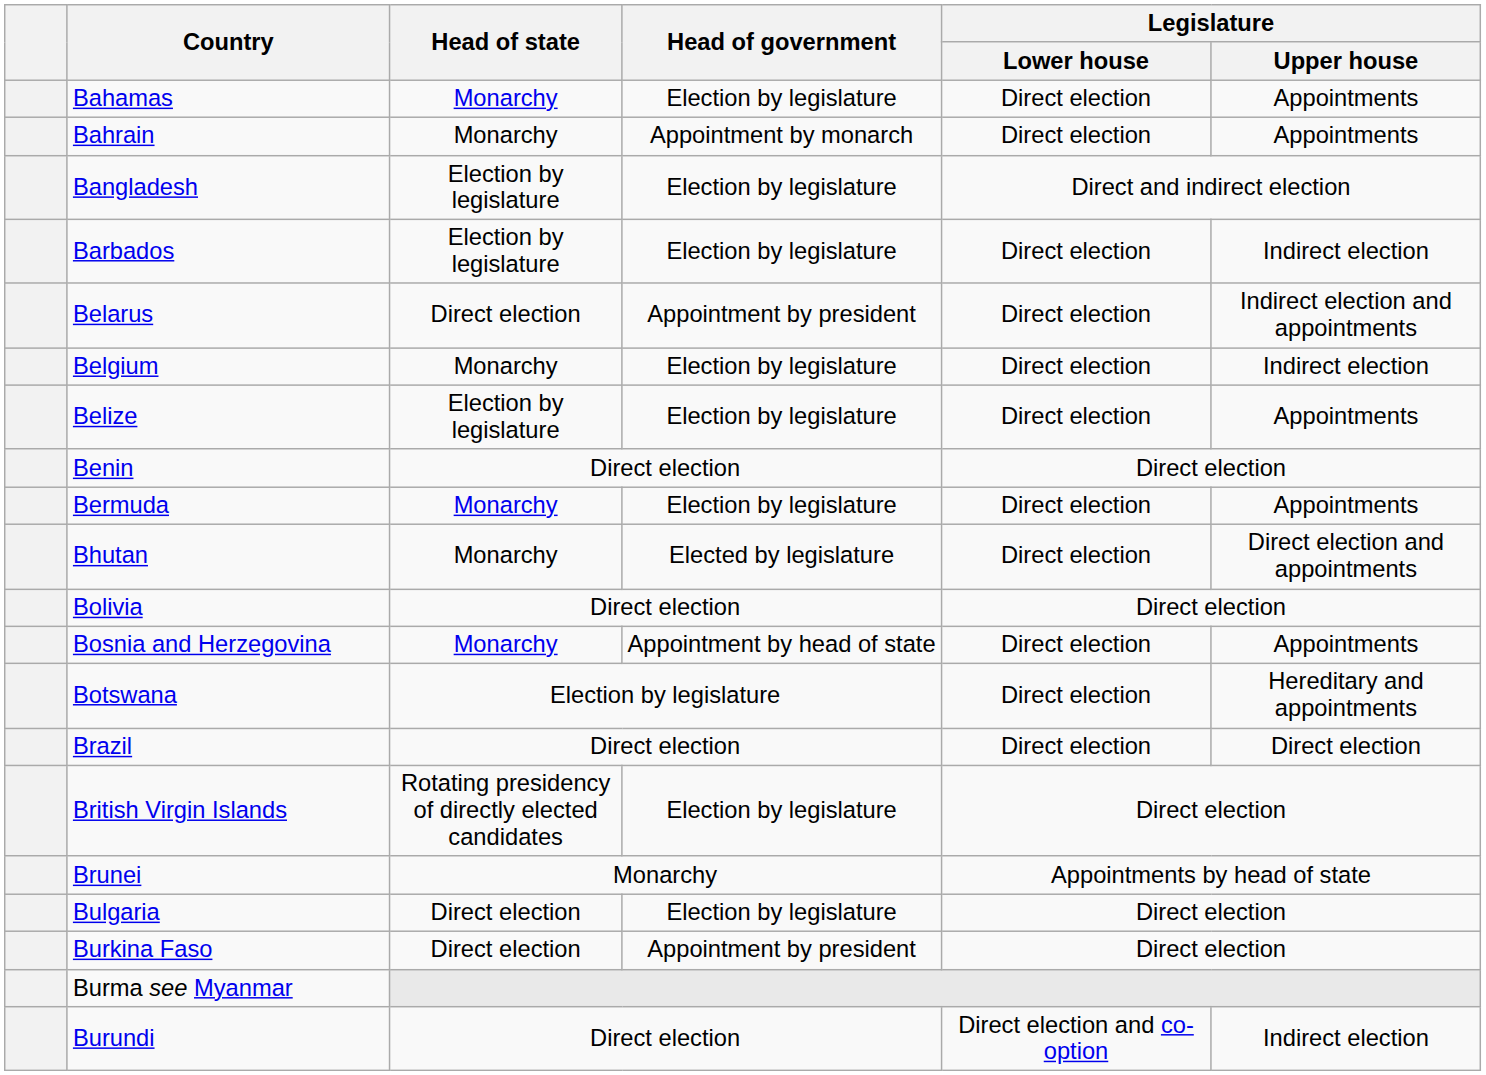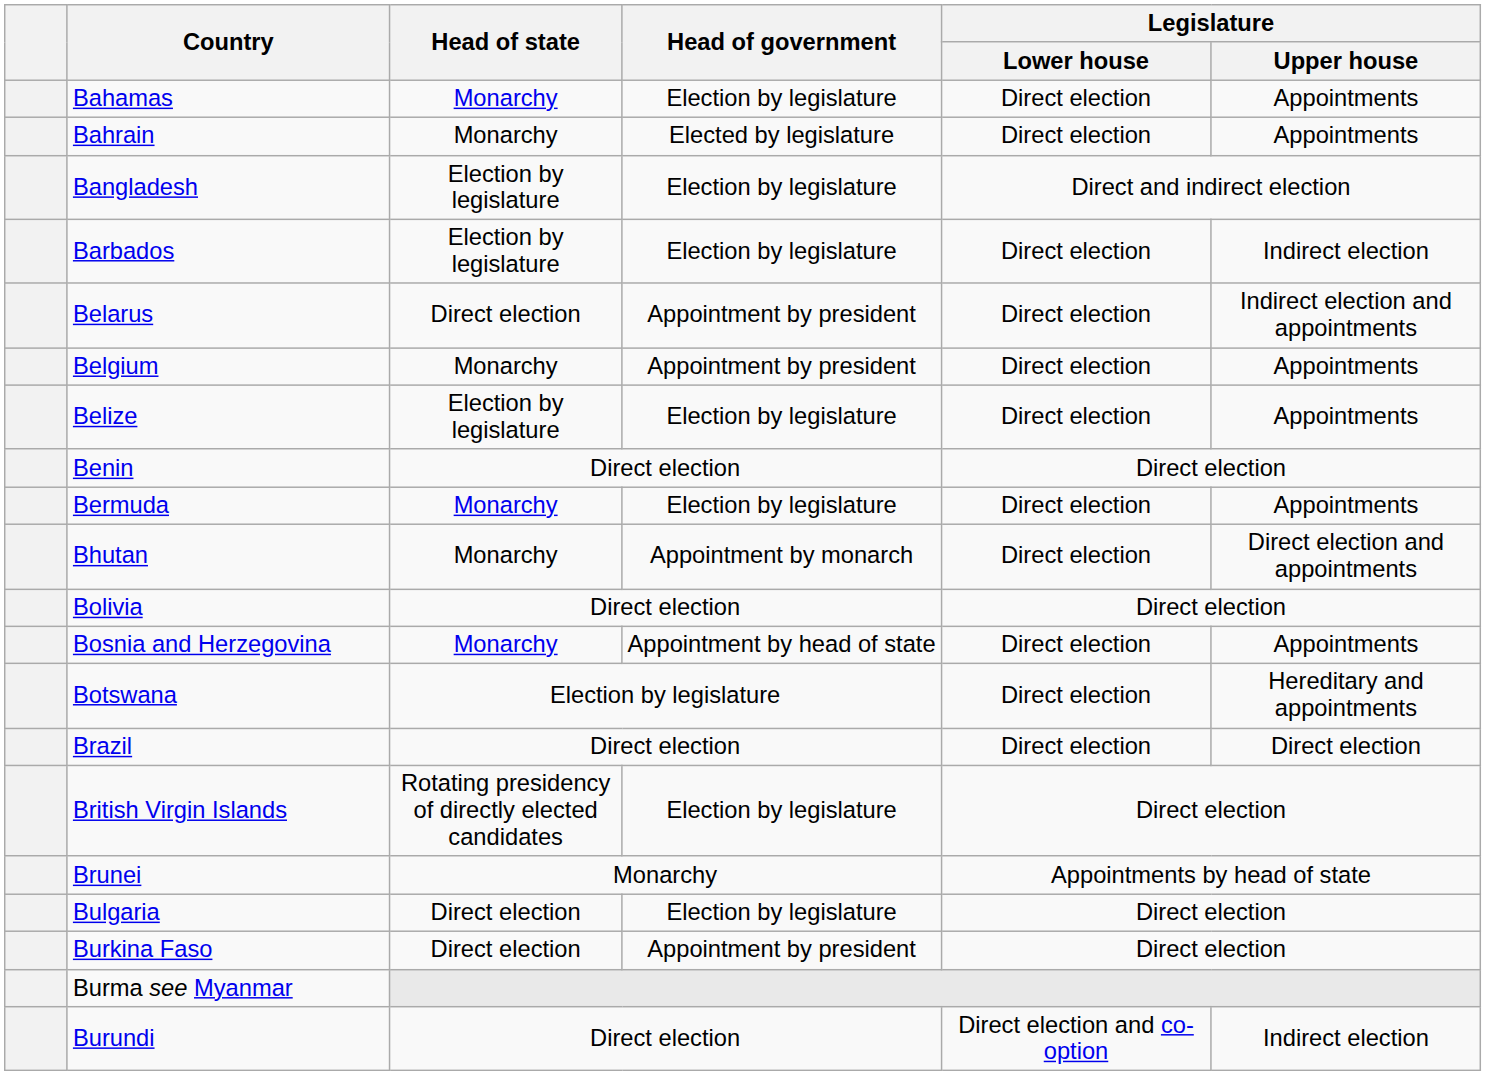 <table class="wikitable" style="text-align:center">
 <tr>
 <th width=35 rowspan=2></th>
 <th width=210 rowspan=2>Country</th>
 <th width=150 rowspan=2>Head of state</th>
 <th rowspan="2">Head of government</th>
 <th colspan=2>Legislature</th>
 </tr>
 <tr>
 <th style="backgrounbad-color:#E9E9E9" width=175>Lower house</th>
 <th width=175>Upper house</th>
 </tr>
 <tr>
 <th></th>
 <td style="text-align:left"><a href='#'>Bahamas</a></td>
 <td><a href='#'>Monarchy</a></td>
 <td>Election by legislature</td>
 <td>Direct election</td>
 <td>Appointments</td>
 </tr>
 <tr>
 <th></th>
 <td style="text-align:left"><a href='#'>Bahrain</a></td>
 <td>Monarchy</td>
-<td>Appointment by monarch</td>
+<td>Elected by legislature</td>
 <td>Direct election</td>
 <td>Appointments</td>
 </tr>
 <tr>
 <th></th>
 <td style="text-align:left"><a href='#'>Bangladesh</a></td>
 <td>Election by legislature</td>
 <td>Election by legislature</td>
 <td colspan=2>Direct and indirect election</td>
 </tr>
 <tr>
 <th></th>
 <td style="text-align:left"><a href='#'>Barbados</a></td>
 <td>Election by legislature</td>
 <td>Election by legislature</td>
 <td>Direct election</td>
 <td>Indirect election</td>
 </tr>
 <tr>
 <th></th>
 <td style="text-align:left"><a href='#'>Belarus</a></td>
 <td>Direct election</td>
 <td>Appointment by president</td>
 <td>Direct election</td>
 <td>Indirect election and appointments</td>
 </tr>
 <tr>
 <th></th>
 <td style="text-align:left"><a href='#'>Belgium</a></td>
 <td>Monarchy</td>
-<td>Election by legislature</td>
+<td>Appointment by president</td>
 <td>Direct election</td>
-<td>Indirect election</td>
+<td>Appointments</td>
 </tr>
 <tr>
 <th></th>
 <td style="text-align:left"><a href='#'>Belize</a></td>
 <td>Election by legislature</td>
 <td>Election by legislature</td>
 <td>Direct election</td>
 <td>Appointments</td>
 </tr>
 <tr>
 <th></th>
 <td style="text-align:left"><a href='#'>Benin</a></td>
 <td colspan=2>Direct election</td>
 <td colspan=2>Direct election</td>
 </tr>
 <tr>
 <th></th>
 <td style="text-align:left"><a href='#'>Bermuda</a></td>
 <td><a href='#'>Monarchy</a></td>
 <td>Election by legislature</td>
 <td>Direct election</td>
 <td>Appointments</td>
 </tr>
 <tr>
 <th></th>
 <td style="text-align:left"><a href='#'>Bhutan</a></td>
 <td>Monarchy</td>
-<td>Elected by legislature</td>
+<td>Appointment by monarch</td>
 <td>Direct election</td>
 <td>Direct election and appointments</td>
 </tr>
 <tr>
 <th></th>
 <td style="text-align:left"><a href='#'>Bolivia</a></td>
 <td colspan=2>Direct election</td>
 <td colspan=2>Direct election</td>
 </tr>
 <tr>
 <th></th>
 <td style="text-align:left"><a href='#'>Bosnia and Herzegovina</a></td>
 <td><a href='#'>Monarchy</a></td>
 <td>Appointment by head of state</td>
 <td>Direct election</td>
 <td>Appointments</td>
 </tr>
 <tr>
 <th></th>
 <td style="text-align:left"><a href='#'>Botswana</a></td>
 <td colspan=2>Election by legislature</td>
 <td>Direct election</td>
 <td>Hereditary and appointments</td>
 </tr>
 <tr>
 <th></th>
 <td style="text-align:left"><a href='#'>Brazil</a></td>
 <td colspan=2>Direct election</td>
 <td>Direct election</td>
 <td>Direct election</td>
 </tr>
 <tr>
 <th></th>
 <td style="text-align:left"><a href='#'>British Virgin Islands</a></td>
 <td>Rotating presidency of directly elected candidates</td>
 <td>Election by legislature</td>
 <td colspan=2>Direct election</td>
 </tr>
 <tr>
 <th></th>
 <td style="text-align:left"><a href='#'>Brunei</a></td>
 <td colspan=2>Monarchy</td>
 <td colspan=2>Appointments by head of state</td>
 </tr>
 <tr>
 <th></th>
 <td style="text-align:left"><a href='#'>Bulgaria</a></td>
 <td>Direct election</td>
 <td>Election by legislature</td>
 <td colspan=2>Direct election</td>
 </tr>
 <tr>
 <th></th>
 <td style="text-align:left"><a href='#'>Burkina Faso</a></td>
 <td>Direct election</td>
 <td>Appointment by president</td>
 <td colspan=2>Direct election</td>
 </tr>
 <tr>
 <th></th>
 <td style="text-align:left">Burma <em>see</em> <a href='#'>Myanmar</a></td>
 <td style="background-color: #E9E9E9" colspan="4"></td>
 </tr>
 <tr>
 <th></th>
 <td style="text-align:left"><a href='#'>Burundi</a></td>
 <td colspan=2>Direct election</td>
 <td>Direct election and <a href='#'>co-option</a></td>
 <td>Indirect election</td>
 </tr>
 </table>
